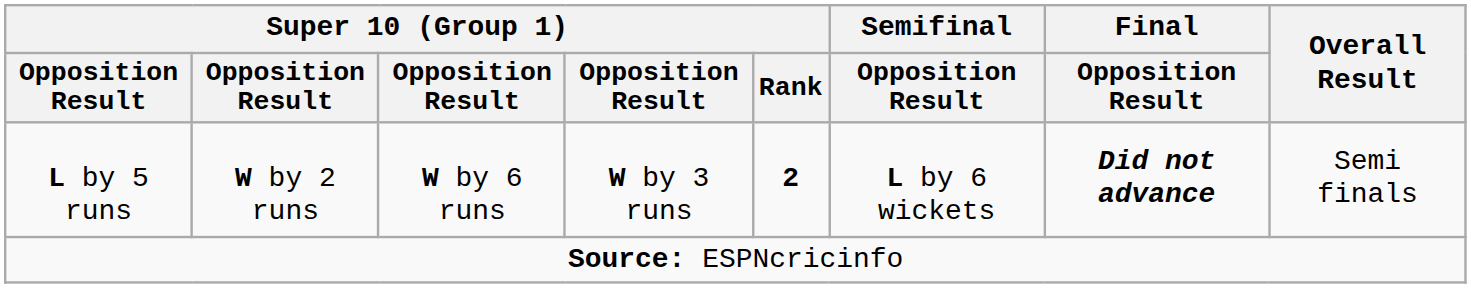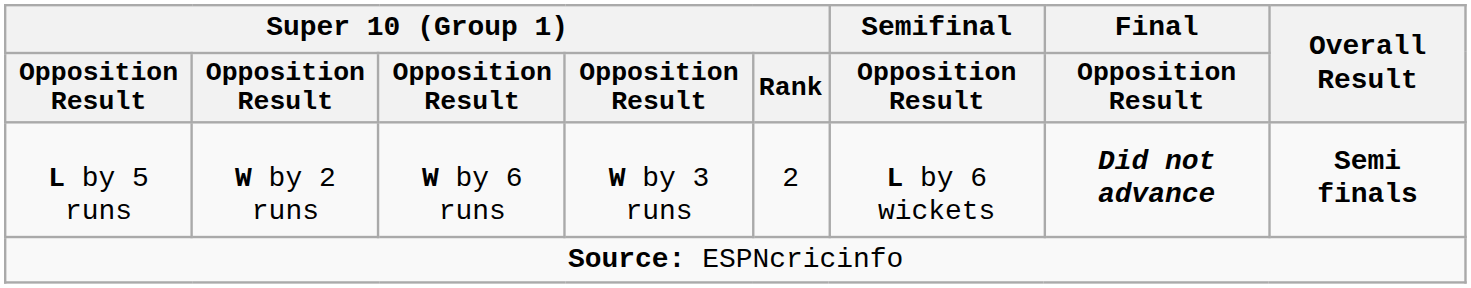 <table class=wikitable style=font-size:90%;text-align:center>
 <tr>
 <th colspan=5>Super 10 (Group 1)</th>
 <th>Semifinal</th>
 <th>Final</th>
 <th rowspan=2>Overall Result</th>
 </tr>
 <tr style=font-size:95%>
 <th>Opposition<br>Result</th>
 <th>Opposition<br>Result</th>
 <th>Opposition<br>Result</th>
 <th>Opposition<br>Result</th>
 <th>Rank</th>
 <th>Opposition<br>Result</th>
 <th>Opposition<br>Result</th>
 </tr>
 <tr>
 <td><br><strong>L</strong> by 5 runs</td>
 <td><br><strong>W</strong> by 2 runs</td>
 <td><br><strong>W</strong> by 6 runs</td>
 <td><br><strong>W</strong> by 3 runs</td>
-<td><strong>2</strong></td>
+<td>2</td>
 <td><br><strong>L</strong> by 6 wickets</td>
 <td><strong><em>Did not advance</em></strong></td>
-<td>Semi finals</td>
+<td><strong>Semi finals</strong></td>
 </tr>
 <tr>
 <td colspan="11"><strong>Source:</strong> ESPNcricinfo</td>
 </tr>
 </table>
